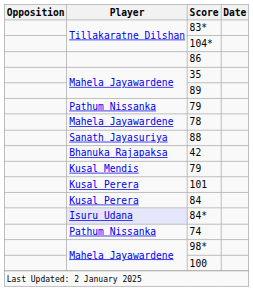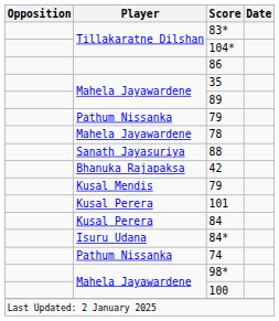 <table class="wikitable sortable">
 <tr>
 <th>Opposition</th>
 <th>Player</th>
 <th>Score</th>
 <th>Date</th>
 </tr>
 <tr>
 <td></td>
 <td rowspan=2><a href='#'>Tillakaratne Dilshan</a></td>
 <td>83*</td>
 <td></td>
 </tr>
 <tr>
 <td></td>
 <td>104*</td>
 <td></td>
 </tr>
 <tr>
 <td></td>
 <td></td>
 <td>86</td>
 <td></td>
 </tr>
 <tr>
 <td></td>
 <td rowspan=2><a href='#'>Mahela Jayawardene</a></td>
 <td>35</td>
 <td></td>
 </tr>
 <tr>
 <td></td>
 <td>89</td>
 <td></td>
 </tr>
 <tr>
 <td></td>
 <td><a href='#'>Pathum Nissanka</a></td>
 <td>79</td>
 <td></td>
 </tr>
 <tr>
 <td></td>
 <td><a href='#'>Mahela Jayawardene</a></td>
 <td>78</td>
 <td></td>
 </tr>
 <tr>
 <td></td>
 <td><a href='#'>Sanath Jayasuriya</a></td>
 <td>88</td>
 <td></td>
 </tr>
 <tr>
 <td></td>
 <td><a href='#'>Bhanuka Rajapaksa</a></td>
 <td>42</td>
 <td></td>
 </tr>
 <tr>
 <td></td>
 <td><a href='#'>Kusal Mendis</a></td>
 <td>79</td>
 <td></td>
 </tr>
 <tr>
 <td></td>
 <td><a href='#'>Kusal Perera</a></td>
 <td>101</td>
 <td></td>
 </tr>
 <tr>
 <td></td>
 <td><a href='#'>Kusal Perera</a></td>
 <td>84</td>
 <td></td>
 </tr>
 <tr>
 <td></td>
-<td style="background: lavender;"><a href='#'>Isuru Udana</a></td>
+<td><a href='#'>Isuru Udana</a></td>
 <td>84*</td>
 <td></td>
 </tr>
 <tr>
 <td></td>
 <td><a href='#'>Pathum Nissanka</a></td>
 <td>74</td>
 <td></td>
 </tr>
 <tr>
 <td></td>
 <td rowspan=2><a href='#'>Mahela Jayawardene</a></td>
 <td>98*</td>
 <td></td>
 </tr>
 <tr>
 <td></td>
 <td>100</td>
 <td></td>
 </tr>
 <tr>
 </tr>
 <tr class=sortbottom>
 <td colspan=5><small>Last Updated: 2 January 2025</small></td>
 </tr>
 </table>
